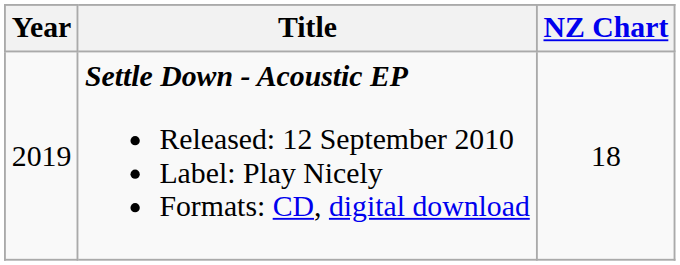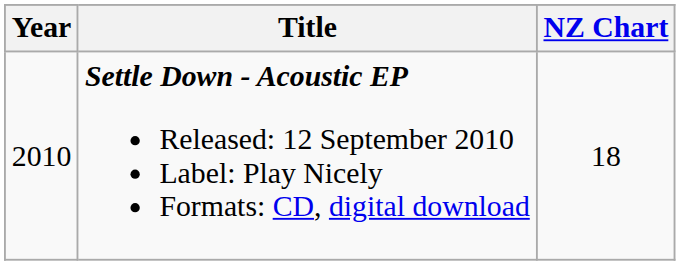 <table class="wikitable" border="1">
 <tr>
 <th>Year</th>
 <th>Title</th>
 <th><a href='#'>NZ Chart</a></th>
 </tr>
 <tr>
-<td>2019</td>
+<td>2010</td>
 <td><strong><em>Settle Down - Acoustic EP</em></strong><br><ul><li>Released: 12 September 2010</li><li>Label: Play Nicely</li><li>Formats: <a href='#'>CD</a>, <a href='#'>digital download</a></li></ul></td>
 <td align="center">18</td>
 </tr>
 </table>
